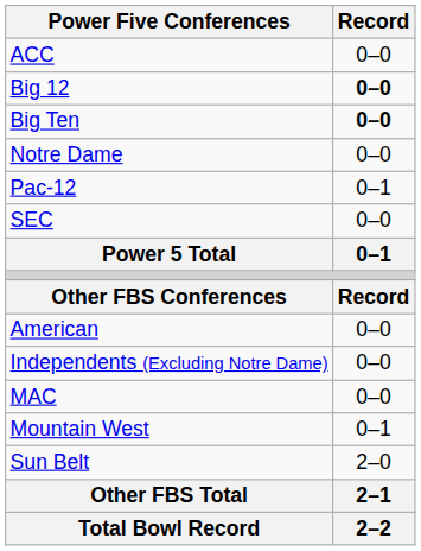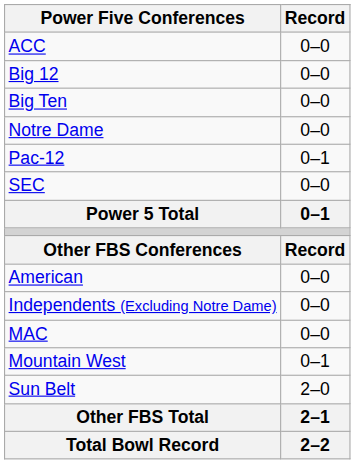 <table class="wikitable">
 <tr>
 <th>Power Five Conferences</th>
 <th>Record</th>
 </tr>
 <tr>
 <td><a href='#'>ACC</a></td>
 <td align=center>0–0</td>
 </tr>
 <tr>
 <td><a href='#'>Big 12</a></td>
-<td align=center><strong>0–0</strong></td>
+<td align=center>0–0</td>
 </tr>
 <tr>
 <td><a href='#'>Big Ten</a></td>
-<td align=center><strong>0–0</strong></td>
+<td align=center>0–0</td>
 </tr>
 <tr>
 <td><a href='#'>Notre Dame</a></td>
 <td align=center>0–0</td>
 </tr>
 <tr>
 <td><a href='#'>Pac-12</a></td>
 <td align=center>0–1</td>
 </tr>
 <tr>
 <td><a href='#'>SEC</a></td>
 <td align=center>0–0</td>
 </tr>
 <tr>
 <th>Power 5 Total</th>
 <th>0–1</th>
 </tr>
 <tr>
 <th colspan="2" style="background:lightgrey;"></th>
 </tr>
 <tr>
 <th>Other FBS Conferences</th>
 <th>Record</th>
 </tr>
 <tr>
 <td><a href='#'>American</a></td>
 <td align=center>0–0</td>
 </tr>
 <tr>
 <td><a href='#'>Independents <small>(Excluding Notre Dame)</small></a></td>
 <td align=center>0–0</td>
 </tr>
 <tr>
 <td><a href='#'>MAC</a></td>
 <td align=center>0–0</td>
 </tr>
 <tr>
 <td><a href='#'>Mountain West</a></td>
 <td align=center>0–1</td>
 </tr>
 <tr>
 <td><a href='#'>Sun Belt</a></td>
 <td align=center>2–0</td>
 </tr>
 <tr>
 <th>Other FBS Total</th>
 <th>2–1</th>
 </tr>
 <tr>
 <th>Total Bowl Record</th>
 <th>2–2</th>
 </tr>
 </table>
